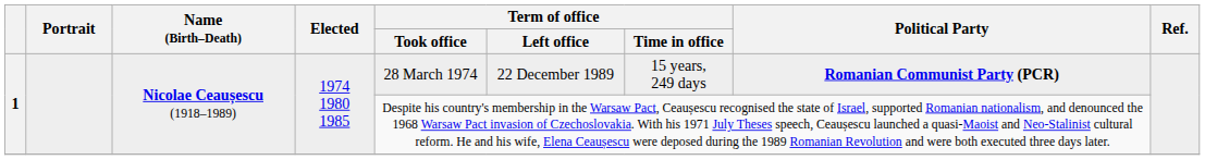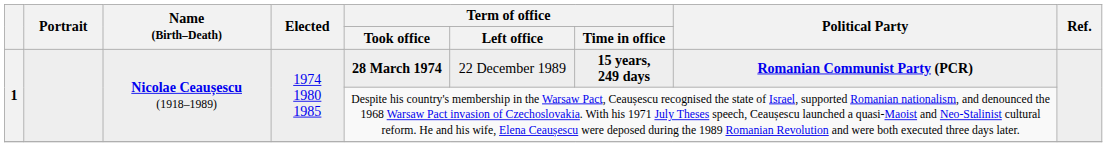 <table class="wikitable" style="text-align:center;">
 <tr>
 <th rowspan="2"></th>
 <th rowspan="2">Portrait</th>
 <th rowspan="2">Name<br><small>(Birth–Death)</small></th>
 <th rowspan="2">Elected</th>
 <th colspan="3" width="30%">Term of office</th>
 <th rowspan="2" width="35%">Political Party</th>
 <th rowspan="2">Ref.</th>
 </tr>
 <tr>
 <th>Took office</th>
 <th>Left office</th>
 <th>Time in office</th>
 </tr>
 <tr bgcolor="#EEEEEE">
 <th rowspan="2" style="background:">1</th>
 <td rowspan="2"></td>
 <td rowspan="2"><strong><a href='#'>Nicolae Ceaușescu</a></strong><br><small>(1918–1989)</small></td>
 <td rowspan="2"><a href='#'>1974</a><br><a href='#'>1980</a><br><a href='#'>1985</a></td>
-<td>28 March 1974</td>
+<td><strong>28 March 1974</strong></td>
 <td>22 December 1989 </td>
-<td>15 years,<br>249 days</td>
+<td><strong>15 years,<br>249 days</strong></td>
 <td><strong><a href='#'>Romanian Communist Party</a> (PCR)</strong></td>
 <td rowspan="2"></td>
 </tr>
 <tr>
 <td colspan="4"><small>Despite his country's membership in the <a href='#'>Warsaw Pact</a>, Ceaușescu recognised the state of <a href='#'>Israel</a>, supported <a href='#'>Romanian nationalism</a>, and denounced the 1968 <a href='#'>Warsaw Pact invasion of Czechoslovakia</a>. With his 1971 <a href='#'>July Theses</a> speech, Ceaușescu launched a quasi-<a href='#'>Maoist</a> and <a href='#'>Neo-Stalinist</a> cultural reform. He and his wife, <a href='#'>Elena Ceaușescu</a> were deposed during the 1989 <a href='#'>Romanian Revolution</a> and were both executed three days later.</small></td>
 </tr>
 <tr>
 </tr>
 </table>
